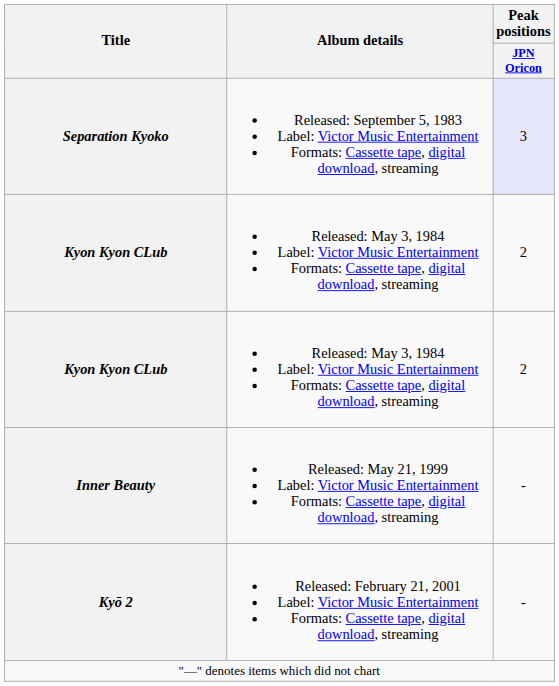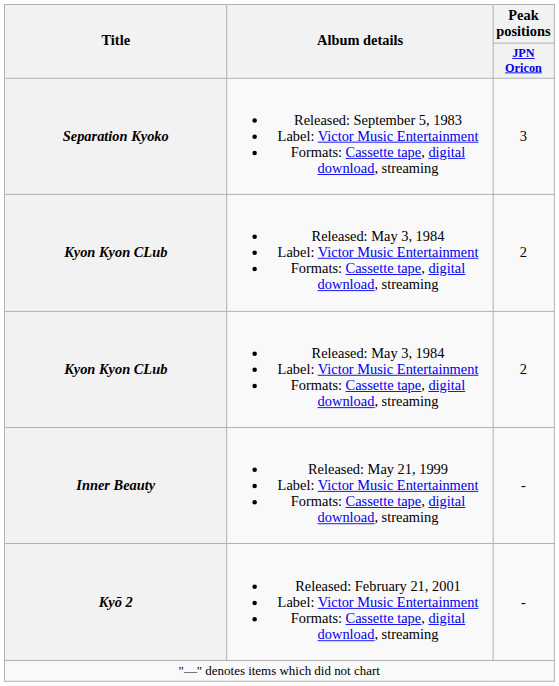 <table class="wikitable plainrowheaders" style="text-align:center;">
 <tr>
 <th style="width:15em;" rowspan="2">Title</th>
 <th style="width:18em;" rowspan="2">Album details</th>
 <th colspan="1">Peak positions</th>
 </tr>
 <tr>
 <th style="width:3em;font-size:85%"><a href='#'>JPN<br>Oricon</a><br></th>
 </tr>
 <tr>
 <th scope="row"><em>Separation Kyoko</em></th>
 <td><br><ul><li>Released: September 5, 1983</li><li>Label: <a href='#'>Victor Music Entertainment</a></li><li>Formats: <a href='#'>Cassette tape</a>, <a href='#'>digital download</a>, streaming</li></ul></td>
-<td style="background: lavender;">3</td>
+<td>3</td>
 </tr>
 <tr>
 <th scope="row"><em>Kyon Kyon CLub</em></th>
 <td><br><ul><li>Released: May 3, 1984</li><li>Label: <a href='#'>Victor Music Entertainment</a></li><li>Formats: <a href='#'>Cassette tape</a>, <a href='#'>digital download</a>, streaming</li></ul></td>
 <td>2</td>
 </tr>
 <tr>
 <th scope="row"><em>Kyon Kyon CLub</em></th>
 <td><br><ul><li>Released: May 3, 1984</li><li>Label: <a href='#'>Victor Music Entertainment</a></li><li>Formats: <a href='#'>Cassette tape</a>, <a href='#'>digital download</a>, streaming</li></ul></td>
 <td>2</td>
 </tr>
 <tr>
 <th scope="row"><em>Inner Beauty</em></th>
 <td><br><ul><li>Released: May 21, 1999</li><li>Label: <a href='#'>Victor Music Entertainment</a></li><li>Formats: <a href='#'>Cassette tape</a>, <a href='#'>digital download</a>, streaming</li></ul></td>
 <td>-</td>
 </tr>
 <tr>
 <th scope="row"><em>Kyō 2</em></th>
 <td><br><ul><li>Released: February 21, 2001</li><li>Label: <a href='#'>Victor Music Entertainment</a></li><li>Formats: <a href='#'>Cassette tape</a>, <a href='#'>digital download</a>, streaming</li></ul></td>
 <td>-</td>
 </tr>
 <tr>
 <td colspan="11" align="center" style="font-size:90%;">"—" denotes items which did not chart</td>
 </tr>
 </table>
